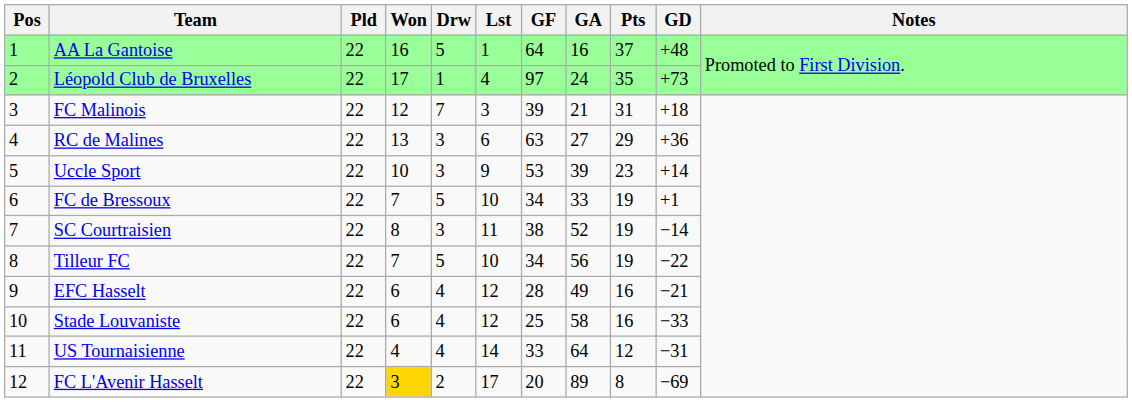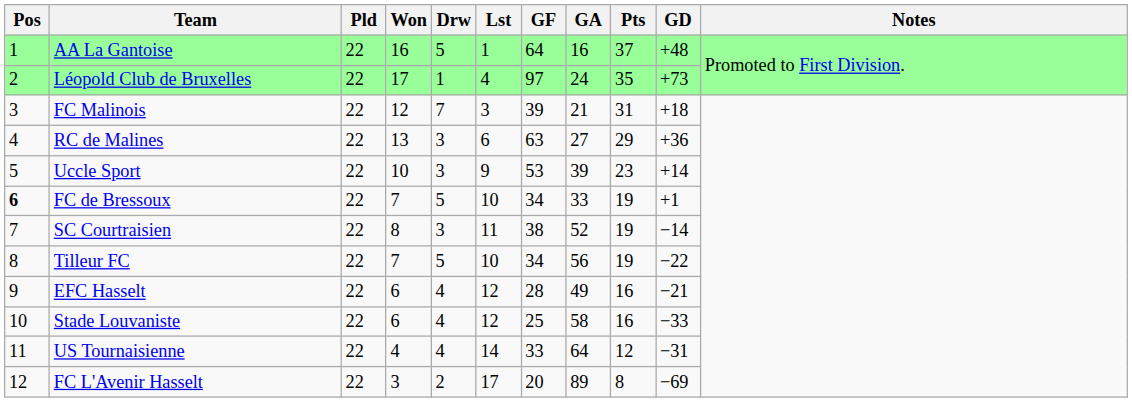 <table class="wikitable" width=70% style="font-size:90%">
 <tr>
 <th width=4%><strong>Pos</strong></th>
 <th width=26%><strong>Team</strong></th>
 <th width=4%><strong>Pld</strong></th>
 <th width=4%><strong>Won</strong></th>
 <th width=4%><strong>Drw</strong></th>
 <th width=4%><strong>Lst</strong></th>
 <th width=4%><strong>GF</strong></th>
 <th width=4%><strong>GA</strong></th>
 <th width=4%><strong>Pts</strong></th>
 <th width=4%><strong>GD</strong></th>
 <th width=38%><strong>Notes</strong></th>
 </tr>
 <tr bgcolor=#99ff99>
 <td>1</td>
 <td><a href='#'>AA La Gantoise</a></td>
 <td>22</td>
 <td>16</td>
 <td>5</td>
 <td>1</td>
 <td>64</td>
 <td>16</td>
 <td>37</td>
 <td>+48</td>
 <td rowspan=2>Promoted to <a href='#'>First Division</a>.</td>
 </tr>
 <tr bgcolor=#99ff99>
 <td>2</td>
 <td><a href='#'>Léopold Club de Bruxelles</a></td>
 <td>22</td>
 <td>17</td>
 <td>1</td>
 <td>4</td>
 <td>97</td>
 <td>24</td>
 <td>35</td>
 <td>+73</td>
 </tr>
 <tr>
 <td>3</td>
 <td><a href='#'>FC Malinois</a></td>
 <td>22</td>
 <td>12</td>
 <td>7</td>
 <td>3</td>
 <td>39</td>
 <td>21</td>
 <td>31</td>
 <td>+18</td>
 </tr>
 <tr>
 <td>4</td>
 <td><a href='#'>RC de Malines</a></td>
 <td>22</td>
 <td>13</td>
 <td>3</td>
 <td>6</td>
 <td>63</td>
 <td>27</td>
 <td>29</td>
 <td>+36</td>
 </tr>
 <tr>
 <td>5</td>
 <td><a href='#'>Uccle Sport</a></td>
 <td>22</td>
 <td>10</td>
 <td>3</td>
 <td>9</td>
 <td>53</td>
 <td>39</td>
 <td>23</td>
 <td>+14</td>
 </tr>
 <tr>
-<td>6</td>
+<td><strong>6</strong></td>
 <td><a href='#'>FC de Bressoux</a></td>
 <td>22</td>
 <td>7</td>
 <td>5</td>
 <td>10</td>
 <td>34</td>
 <td>33</td>
 <td>19</td>
 <td>+1</td>
 </tr>
 <tr>
 <td>7</td>
 <td><a href='#'>SC Courtraisien</a></td>
 <td>22</td>
 <td>8</td>
 <td>3</td>
 <td>11</td>
 <td>38</td>
 <td>52</td>
 <td>19</td>
 <td>−14</td>
 </tr>
 <tr>
 <td>8</td>
 <td><a href='#'>Tilleur FC</a></td>
 <td>22</td>
 <td>7</td>
 <td>5</td>
 <td>10</td>
 <td>34</td>
 <td>56</td>
 <td>19</td>
 <td>−22</td>
 </tr>
 <tr>
 <td>9</td>
 <td><a href='#'>EFC Hasselt</a></td>
 <td>22</td>
 <td>6</td>
 <td>4</td>
 <td>12</td>
 <td>28</td>
 <td>49</td>
 <td>16</td>
 <td>−21</td>
 </tr>
 <tr>
 <td>10</td>
 <td><a href='#'>Stade Louvaniste</a></td>
 <td>22</td>
 <td>6</td>
 <td>4</td>
 <td>12</td>
 <td>25</td>
 <td>58</td>
 <td>16</td>
 <td>−33</td>
 </tr>
 <tr>
 <td>11</td>
 <td><a href='#'>US Tournaisienne</a></td>
 <td>22</td>
 <td>4</td>
 <td>4</td>
 <td>14</td>
 <td>33</td>
 <td>64</td>
 <td>12</td>
 <td>−31</td>
 </tr>
 <tr>
 <td>12</td>
 <td><a href='#'>FC L'Avenir Hasselt</a></td>
 <td>22</td>
-<td style="background: gold;">3</td>
+<td>3</td>
 <td>2</td>
 <td>17</td>
 <td>20</td>
 <td>89</td>
 <td>8</td>
 <td>−69</td>
 </tr>
 </table>
